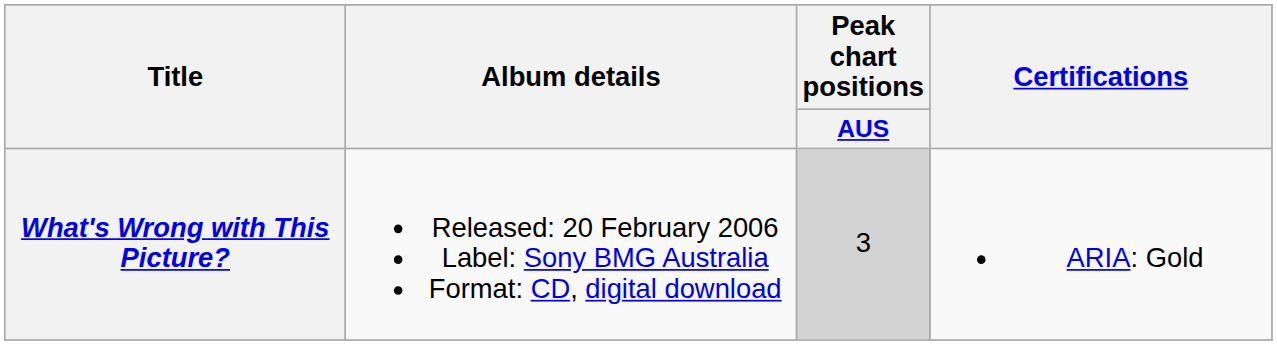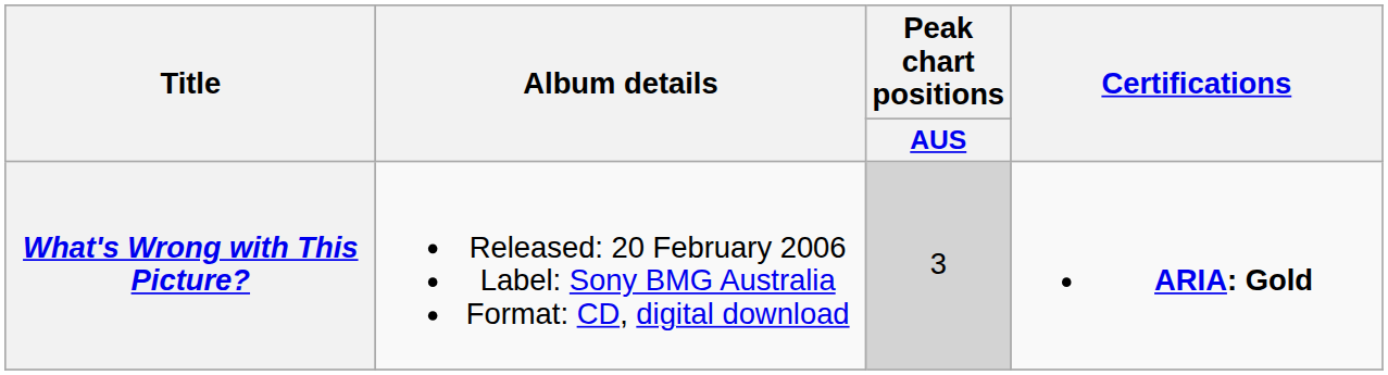 <table class="wikitable plainrowheaders" style="text-align:center;" border="1">
 <tr>
 <th scope="col" rowspan="2" style="width:12em;">Title</th>
 <th scope="col" rowspan="2" style="width:16em;">Album details</th>
 <th scope="col" colspan="1">Peak chart positions</th>
 <th scope="col" rowspan="2" style="width:12em;"><a href='#'>Certifications</a></th>
 </tr>
 <tr>
 <th scope="col" style="width:2.2em;font-size:90%;"><a href='#'>AUS</a><br></th>
 </tr>
 <tr>
 <th scope="row"><em><a href='#'>What's Wrong with This Picture?</a></em></th>
 <td><br><ul><li>Released: 20 February 2006</li><li>Label: <a href='#'>Sony BMG Australia</a></li><li>Format: <a href='#'>CD</a>, <a href='#'>digital download</a></li></ul></td>
 <td style="background: lightgrey;">3</td>
-<td><br><ul><li><a href='#'>ARIA</a>: Gold</li></ul></td>
+<td><strong><br><ul><li><a href='#'>ARIA</a>: Gold</li></ul></strong></td>
 </tr>
 </table>
